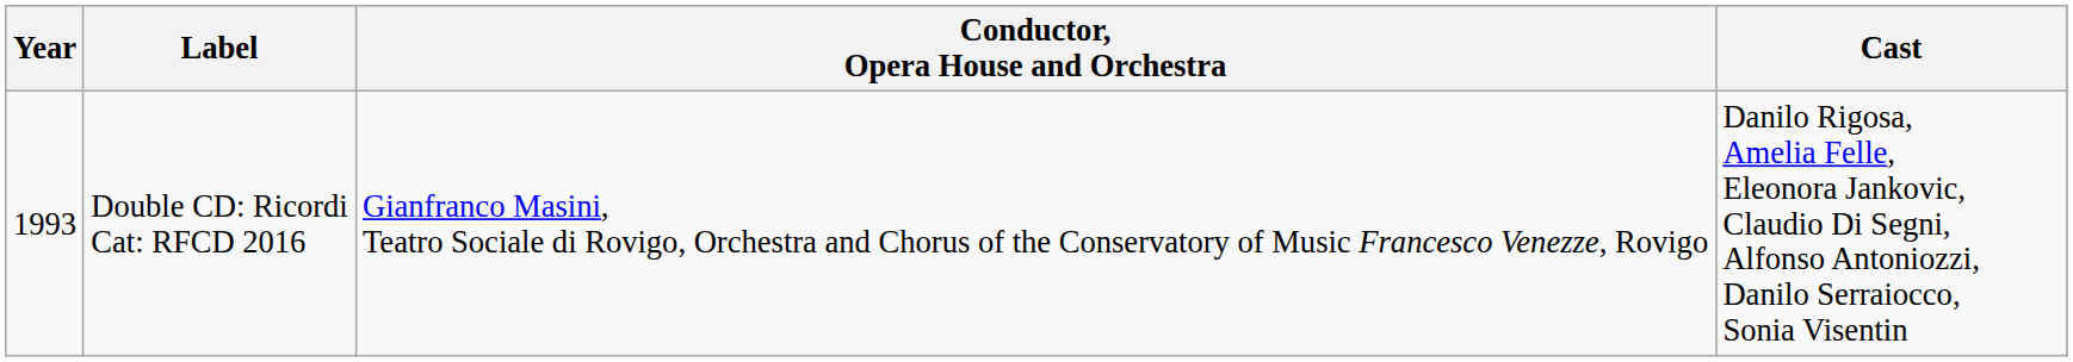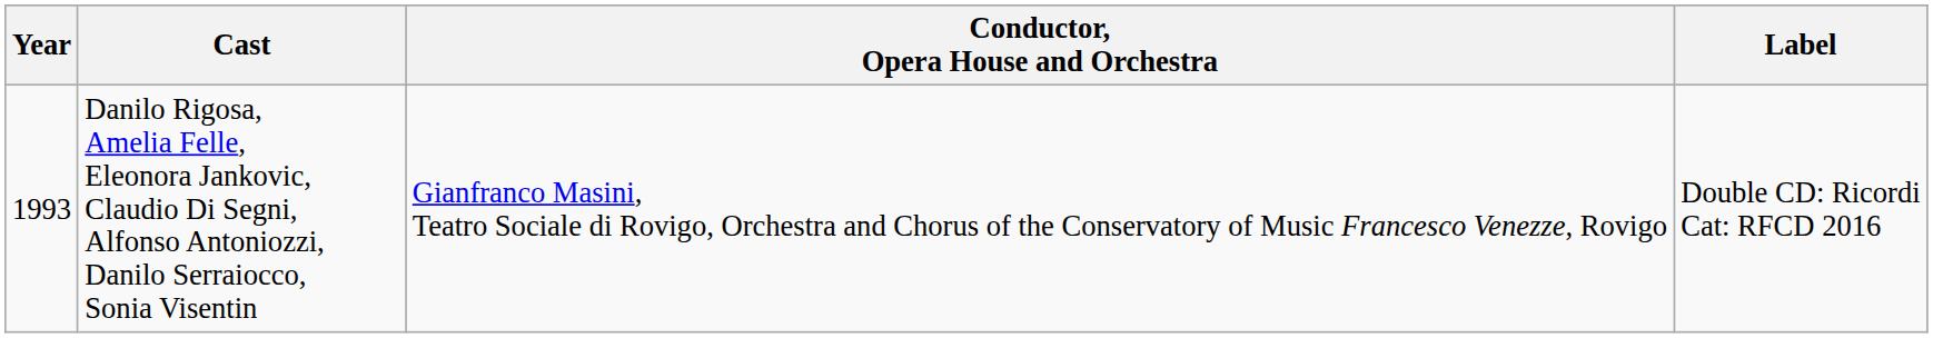 <table class="wikitable">
 <tr>
 <th>Year</th>
+<th width="170">Cast</th>
+<th>Conductor,<br>Opera House and Orchestra</th>
 <th>Label</th>
-<th>Conductor,<br>Opera House and Orchestra</th>
-<th width="170">Cast</th>
 </tr>
 <tr>
 <td>1993</td>
+<td>Danilo Rigosa,<br><a href='#'>Amelia Felle</a>,<br>Eleonora Jankovic,<br>Claudio Di Segni,<br>Alfonso Antoniozzi,<br>Danilo Serraiocco,<br>Sonia Visentin</td>
+<td><a href='#'>Gianfranco Masini</a>,<br>Teatro Sociale di Rovigo, Orchestra and Chorus of the Conservatory of Music <em>Francesco Venezze</em>, Rovigo</td>
 <td>Double CD: Ricordi<br>Cat: RFCD 2016</td>
-<td><a href='#'>Gianfranco Masini</a>,<br>Teatro Sociale di Rovigo, Orchestra and Chorus of the Conservatory of Music <em>Francesco Venezze</em>, Rovigo</td>
-<td>Danilo Rigosa,<br><a href='#'>Amelia Felle</a>,<br>Eleonora Jankovic,<br>Claudio Di Segni,<br>Alfonso Antoniozzi,<br>Danilo Serraiocco,<br>Sonia Visentin</td>
 </tr>
 </table>
